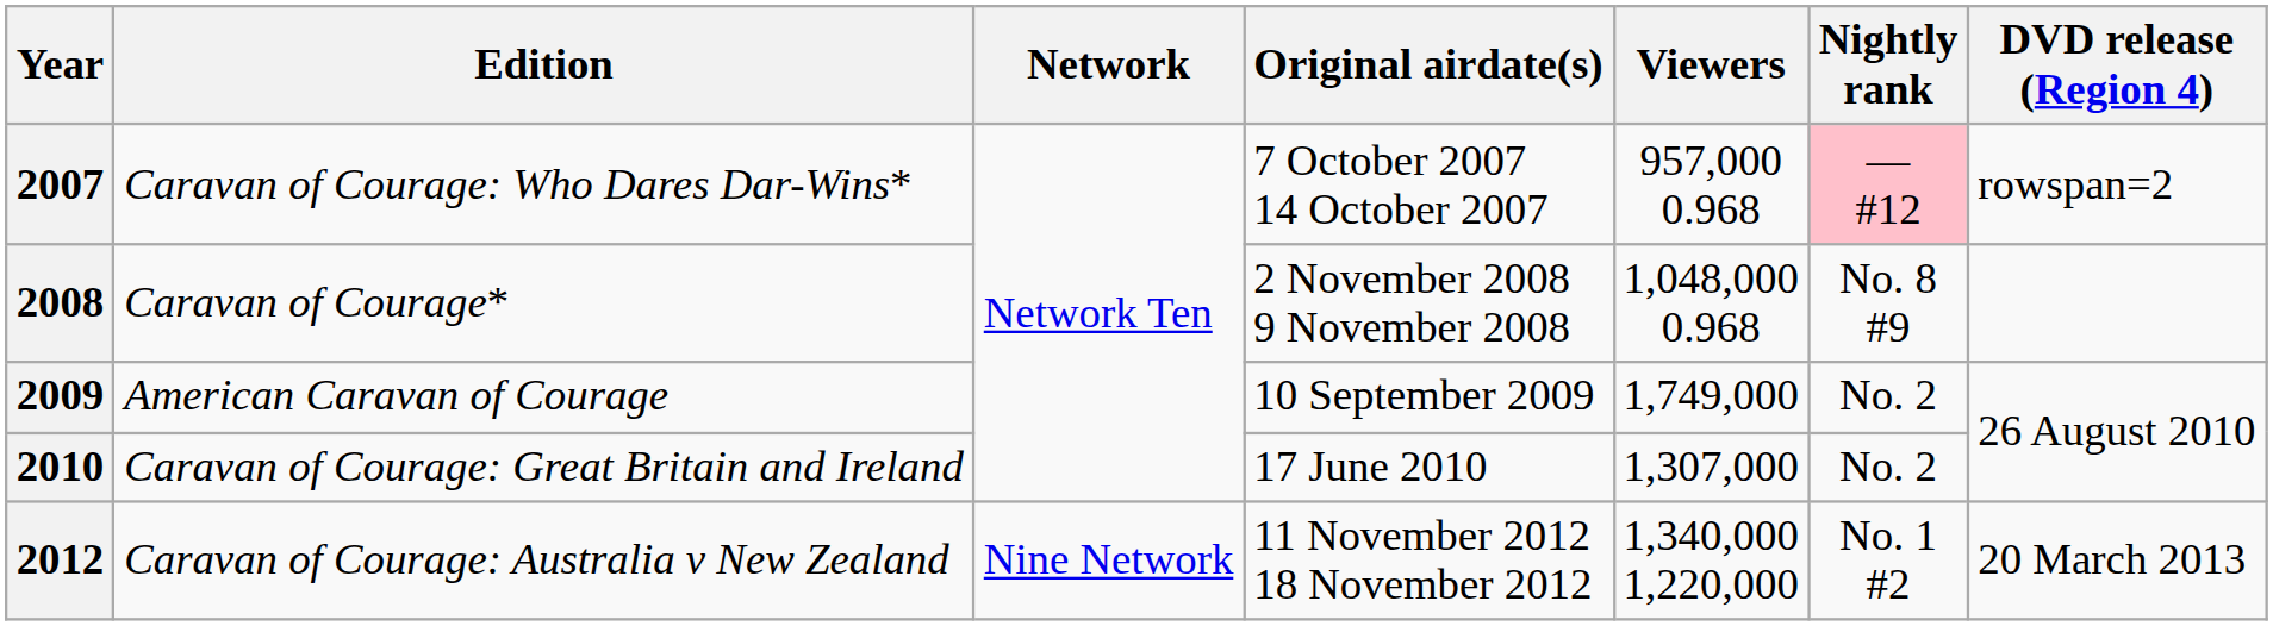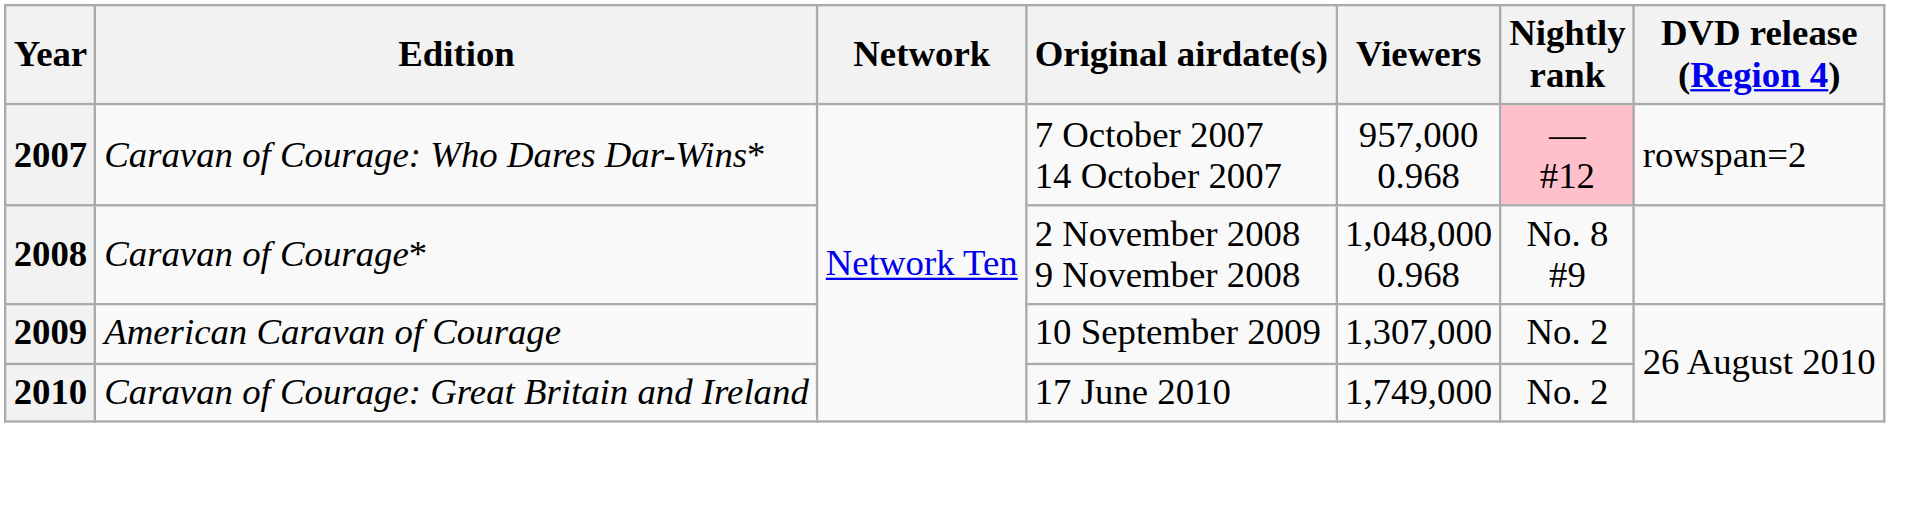 <table class="wikitable plainrowheaders">
 <tr>
 <th scope="col">Year</th>
 <th scope="col">Edition</th>
 <th scope="col">Network</th>
 <th scope="col">Original airdate(s)</th>
 <th scope="col">Viewers<br></th>
 <th scope="col">Nightly<br>rank</th>
 <th scope="col">DVD release<br>(<a href='#'>Region 4</a>)</th>
 </tr>
 <tr>
 <th scope="row">2007</th>
 <td><em>Caravan of Courage: Who Dares Dar-Wins</em>*</td>
 <td rowspan="4"><a href='#'>Network Ten</a></td>
 <td>7 October 2007<br>14 October 2007</td>
 <td align=center>957,000<br>0.968</td>
 <td align=center style="background: pink;">—<br>#12</td>
 <td>rowspan=2 </td>
 </tr>
 <tr>
 <th scope="row">2008</th>
 <td><em>Caravan of Courage</em>*</td>
 <td>2 November 2008<br>9 November 2008</td>
 <td align=center>1,048,000<br>0.968</td>
 <td align=center>No. 8<br>#9</td>
 </tr>
 <tr>
 <th scope="row">2009</th>
 <td><em>American Caravan of Courage</em></td>
 <td>10 September 2009</td>
-<td align=center>1,749,000</td>
+<td align=center>1,307,000</td>
 <td align=center>No. 2</td>
 <td rowspan=2>26 August 2010</td>
 </tr>
 <tr>
 <th scope="row">2010</th>
 <td><em>Caravan of Courage: Great Britain and Ireland</em></td>
 <td>17 June 2010</td>
-<td align=center>1,307,000</td>
+<td align=center>1,749,000</td>
 <td align=center>No. 2</td>
 </tr>
-<tr>
-<th scope="row">2012</th>
-<td><em>Caravan of Courage: Australia v New Zealand</em></td>
-<td><a href='#'>Nine Network</a></td>
-<td>11 November 2012<br>18 November 2012</td>
-<td align=center>1,340,000<br>1,220,000</td>
-<td align=center>No. 1<br>#2</td>
-<td>20 March 2013</td>
-</tr>
 </table>
